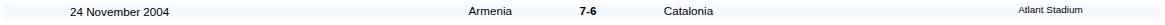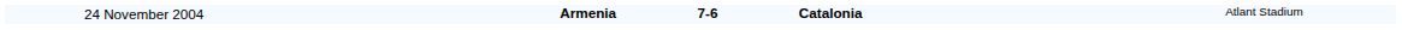 <table style="width: 100%; background:#F5FAFF;" cellspacing="0">
 <tr>
 <td align=center rowspan=3 width=20%>24 November 2004</td>
 </tr>
 <tr>
-<td width=24% align=right>Armenia </td>
+<td width=24% align=right><strong>Armenia </strong></td>
 <td align=center width=13%><strong>7-6</strong></td>
-<td width=24%> Catalonia</td>
+<td width=24%><strong> Catalonia</strong></td>
 <td style=font-size:85% rowspan=3 valign=top align=center>Atlant Stadium</td>
 </tr>
 <tr style=font-size:85%>
 <td align=right valign=top></td>
 <td></td>
 <td></td>
 </tr>
 </table>
